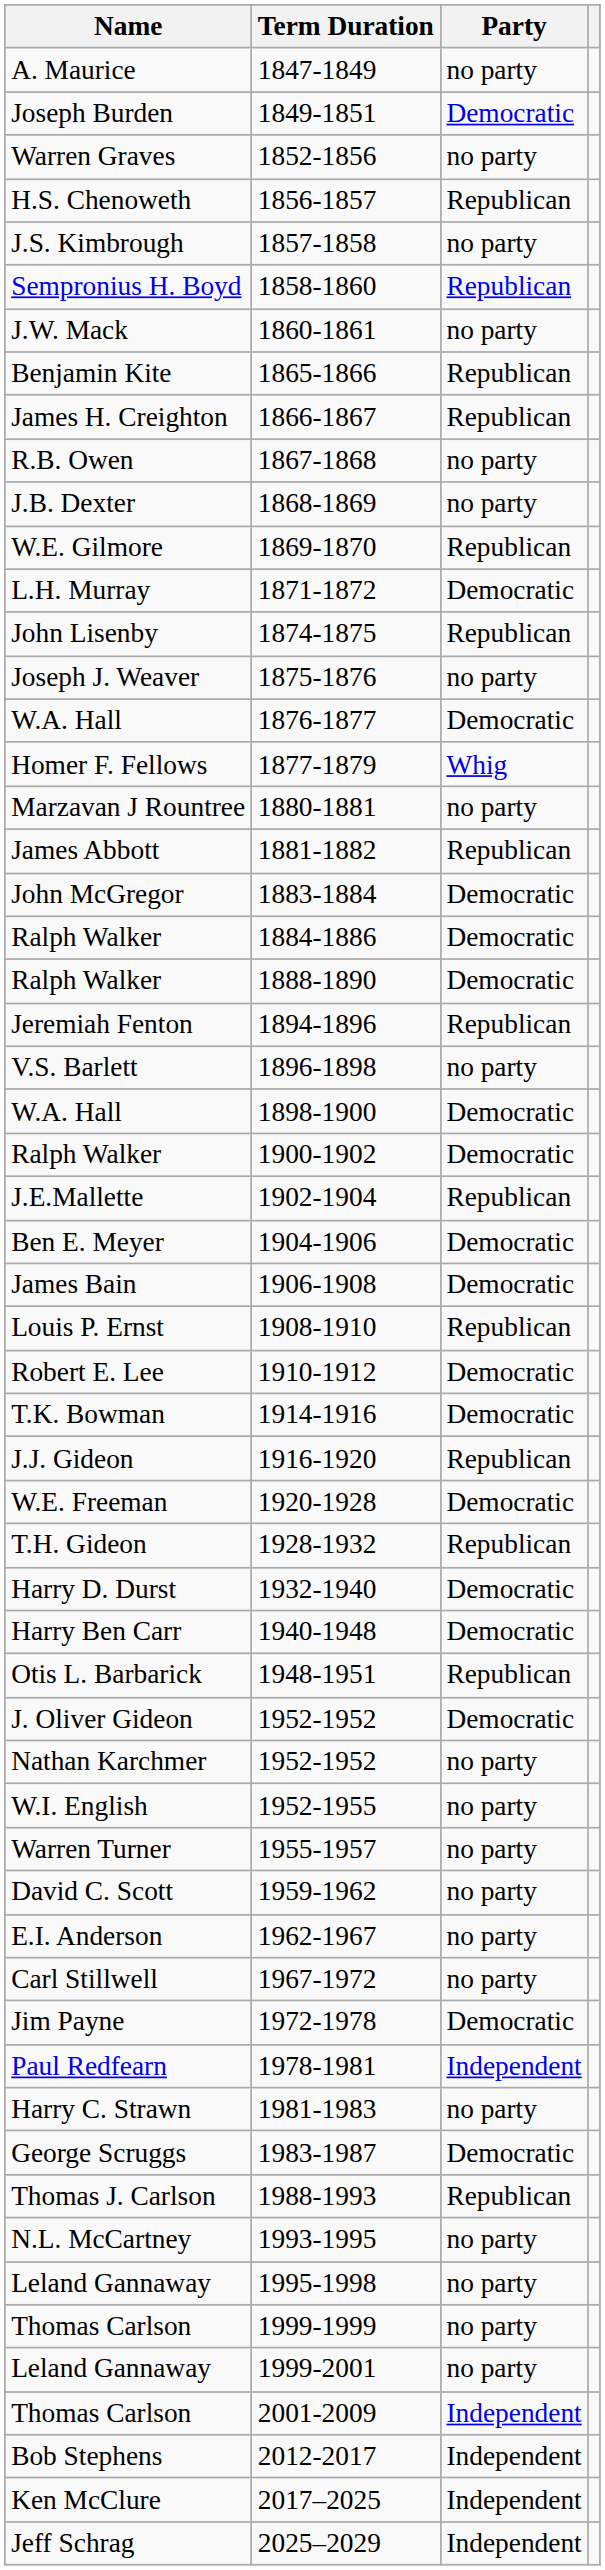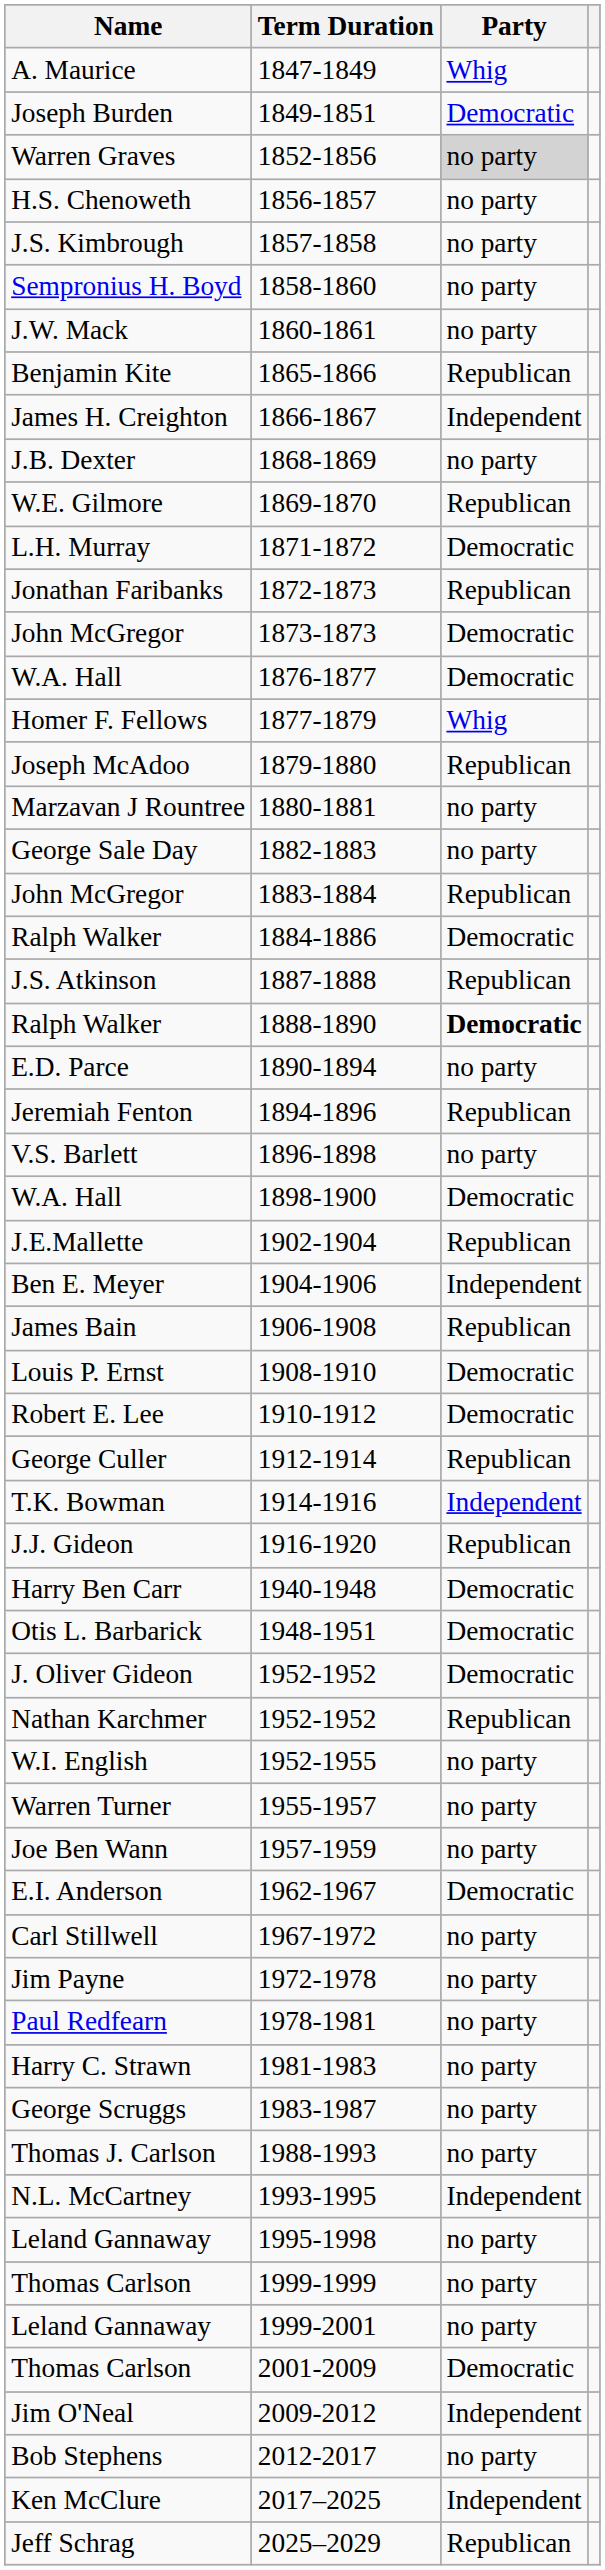 <table class="wikitable">
 <tr>
 <th>Name</th>
 <th>Term Duration</th>
 <th>Party</th>
 <th></th>
 </tr>
 <tr>
 <td>A. Maurice</td>
 <td>1847-1849</td>
-<td>no party</td>
+<td><a href='#'>Whig</a></td>
 <td></td>
 </tr>
 <tr>
 <td>Joseph Burden</td>
 <td>1849-1851</td>
 <td><a href='#'>Democratic</a></td>
 <td bgcolor=></td>
 </tr>
 <tr>
 <td>Warren Graves</td>
 <td>1852-1856</td>
-<td>no party</td>
+<td style="background: lightgrey;">no party</td>
 <td></td>
 </tr>
 <tr>
 <td>H.S. Chenoweth</td>
 <td>1856-1857</td>
-<td>Republican</td>
+<td>no party</td>
 <td></td>
 </tr>
 <tr>
 <td>J.S. Kimbrough</td>
 <td>1857-1858</td>
 <td>no party</td>
 <td></td>
 </tr>
 <tr>
 <td><a href='#'>Sempronius H. Boyd</a></td>
 <td>1858-1860</td>
-<td><a href='#'>Republican</a></td>
+<td>no party</td>
 <td bgcolor=></td>
 </tr>
 <tr>
 <td>J.W. Mack</td>
 <td>1860-1861</td>
 <td>no party</td>
 <td></td>
 </tr>
 <tr>
 <td>Benjamin Kite</td>
 <td>1865-1866</td>
 <td>Republican</td>
 <td bgcolor=></td>
 </tr>
 <tr>
 <td>James H. Creighton</td>
 <td>1866-1867</td>
-<td>Republican</td>
+<td>Independent</td>
 <td bgcolor=></td>
-</tr>
-<tr>
-<td>R.B. Owen</td>
-<td>1867-1868</td>
-<td>no party</td>
-<td></td>
 </tr>
 <tr>
 <td>J.B. Dexter</td>
 <td>1868-1869</td>
 <td>no party</td>
 <td></td>
 </tr>
 <tr>
 <td>W.E. Gilmore</td>
 <td>1869-1870</td>
 <td>Republican</td>
 <td bgcolor=></td>
 </tr>
 <tr>
 <td>L.H. Murray</td>
 <td>1871-1872</td>
 <td>Democratic</td>
 <td bgcolor=></td>
 </tr>
 <tr>
-<td>John Lisenby</td>
-<td>1874-1875</td>
+<td>Jonathan Faribanks</td>
+<td>1872-1873</td>
 <td>Republican</td>
 <td bgcolor=></td>
 </tr>
 <tr>
-<td>Joseph J. Weaver</td>
-<td>1875-1876</td>
-<td>no party</td>
-<td></td>
+<td>John McGregor</td>
+<td>1873-1873</td>
+<td>Democratic</td>
+<td bgcolor=></td>
 </tr>
 <tr>
 <td>W.A. Hall</td>
 <td>1876-1877</td>
 <td>Democratic</td>
 <td bgcolor=></td>
 </tr>
 <tr>
 <td>Homer F. Fellows</td>
 <td>1877-1879</td>
 <td><a href='#'>Whig</a></td>
 <td bgcolor=></td>
 </tr>
 <tr>
+<td>Joseph McAdoo</td>
+<td>1879-1880</td>
+<td>Republican</td>
+<td bgcolor=></td>
+</tr>
+<tr>
 <td>Marzavan J Rountree</td>
 <td>1880-1881</td>
 <td>no party</td>
 <td bgcolor=></td>
 </tr>
 <tr>
-<td>James Abbott</td>
-<td>1881-1882</td>
-<td>Republican</td>
-<td bgcolor=></td>
+<td>George Sale Day</td>
+<td>1882-1883</td>
+<td>no party</td>
+<td></td>
 </tr>
 <tr>
 <td>John McGregor</td>
 <td>1883-1884</td>
-<td>Democratic</td>
+<td>Republican</td>
 <td bgcolor=></td>
 </tr>
 <tr>
 <td>Ralph Walker</td>
 <td>1884-1886</td>
 <td>Democratic</td>
 <td bgcolor=></td>
 </tr>
 <tr>
+<td>J.S. Atkinson</td>
+<td>1887-1888</td>
+<td>Republican</td>
+<td bgcolor=></td>
+</tr>
+<tr>
 <td>Ralph Walker</td>
 <td>1888-1890</td>
-<td>Democratic</td>
+<td><strong>Democratic</strong></td>
 <td bgcolor=></td>
+</tr>
+<tr>
+<td>E.D. Parce</td>
+<td>1890-1894</td>
+<td>no party</td>
+<td></td>
 </tr>
 <tr>
 <td>Jeremiah Fenton</td>
 <td>1894-1896</td>
 <td>Republican</td>
 <td bgcolor=></td>
 </tr>
 <tr>
 <td>V.S. Barlett</td>
 <td>1896-1898</td>
 <td>no party</td>
 <td></td>
 </tr>
 <tr>
 <td>W.A. Hall</td>
 <td>1898-1900</td>
 <td>Democratic</td>
 <td bgcolor=></td>
 </tr>
 <tr>
-<td>Ralph Walker</td>
-<td>1900-1902</td>
-<td>Democratic</td>
-<td bgcolor=></td>
-</tr>
-<tr>
 <td>J.E.Mallette</td>
 <td>1902-1904</td>
 <td>Republican</td>
 <td bgcolor=></td>
 </tr>
 <tr>
 <td>Ben E. Meyer</td>
 <td>1904-1906</td>
-<td>Democratic</td>
+<td>Independent</td>
 <td bgcolor=></td>
 </tr>
 <tr>
 <td>James Bain</td>
 <td>1906-1908</td>
-<td>Democratic</td>
+<td>Republican</td>
 <td bgcolor=></td>
 </tr>
 <tr>
 <td>Louis P. Ernst</td>
 <td>1908-1910</td>
-<td>Republican</td>
+<td>Democratic</td>
 <td bgcolor=></td>
 </tr>
 <tr>
 <td>Robert E. Lee</td>
 <td>1910-1912</td>
 <td>Democratic</td>
 <td bgcolor=></td>
 </tr>
 <tr>
+<td>George Culler</td>
+<td>1912-1914</td>
+<td>Republican</td>
+<td bgcolor=></td>
+</tr>
+<tr>
 <td>T.K. Bowman</td>
 <td>1914-1916</td>
-<td>Democratic</td>
+<td><a href='#'>Independent</a></td>
 <td bgcolor=></td>
 </tr>
 <tr>
 <td>J.J. Gideon</td>
 <td>1916-1920</td>
 <td>Republican</td>
-<td bgcolor=></td>
-</tr>
-<tr>
-<td>W.E. Freeman</td>
-<td>1920-1928</td>
-<td>Democratic</td>
-<td bgcolor=></td>
-</tr>
-<tr>
-<td>T.H. Gideon</td>
-<td>1928-1932</td>
-<td>Republican</td>
-<td bgcolor=></td>
-</tr>
-<tr>
-<td>Harry D. Durst</td>
-<td>1932-1940</td>
-<td>Democratic</td>
 <td bgcolor=></td>
 </tr>
 <tr>
 <td>Harry Ben Carr</td>
 <td>1940-1948</td>
 <td>Democratic</td>
 <td bgcolor=></td>
 </tr>
 <tr>
 <td>Otis L. Barbarick</td>
 <td>1948-1951</td>
-<td>Republican</td>
+<td>Democratic</td>
 <td bgcolor=></td>
 </tr>
 <tr>
 <td>J. Oliver Gideon</td>
 <td>1952-1952</td>
 <td>Democratic</td>
 <td></td>
 </tr>
 <tr>
 <td>Nathan Karchmer</td>
 <td>1952-1952</td>
-<td>no party</td>
+<td>Republican</td>
 <td></td>
 </tr>
 <tr>
 <td>W.I. English</td>
 <td>1952-1955</td>
 <td>no party</td>
 <td></td>
 </tr>
 <tr>
 <td>Warren Turner</td>
 <td>1955-1957</td>
 <td>no party</td>
 <td></td>
 </tr>
 <tr>
-<td>David C. Scott</td>
-<td>1959-1962</td>
+<td>Joe Ben Wann</td>
+<td>1957-1959</td>
 <td>no party</td>
 <td></td>
 </tr>
 <tr>
 <td>E.I. Anderson</td>
 <td>1962-1967</td>
-<td>no party</td>
+<td>Democratic</td>
 <td></td>
 </tr>
 <tr>
 <td>Carl Stillwell</td>
 <td>1967-1972</td>
 <td>no party</td>
 <td></td>
 </tr>
 <tr>
 <td>Jim Payne</td>
 <td>1972-1978</td>
-<td>Democratic</td>
+<td>no party</td>
 <td></td>
 </tr>
 <tr>
 <td><a href='#'>Paul Redfearn</a></td>
 <td>1978-1981</td>
-<td><a href='#'>Independent</a></td>
+<td>no party</td>
 <td></td>
 </tr>
 <tr>
 <td>Harry C. Strawn</td>
 <td>1981-1983</td>
 <td>no party</td>
 <td></td>
 </tr>
 <tr>
 <td>George Scruggs</td>
 <td>1983-1987</td>
-<td>Democratic</td>
+<td>no party</td>
 <td></td>
 </tr>
 <tr>
 <td>Thomas J. Carlson</td>
 <td>1988-1993</td>
-<td>Republican</td>
+<td>no party</td>
 <td></td>
 </tr>
 <tr>
 <td>N.L. McCartney</td>
 <td>1993-1995</td>
-<td>no party</td>
+<td>Independent</td>
 <td></td>
 </tr>
 <tr>
 <td>Leland Gannaway</td>
 <td>1995-1998</td>
 <td>no party</td>
 <td></td>
 </tr>
 <tr>
 <td>Thomas Carlson</td>
 <td>1999-1999</td>
 <td>no party</td>
 <td></td>
 </tr>
 <tr>
 <td>Leland Gannaway</td>
 <td>1999-2001</td>
 <td>no party</td>
 <td></td>
 </tr>
 <tr>
 <td>Thomas Carlson</td>
 <td>2001-2009</td>
-<td><a href='#'>Independent</a></td>
+<td>Democratic</td>
+<td bgcolor=></td>
+</tr>
+<tr>
+<td>Jim O'Neal</td>
+<td>2009-2012</td>
+<td>Independent</td>
 <td bgcolor=></td>
 </tr>
 <tr>
 <td>Bob Stephens</td>
 <td>2012-2017</td>
-<td>Independent</td>
+<td>no party</td>
 <td></td>
 </tr>
 <tr>
 <td>Ken McClure</td>
 <td>2017–2025</td>
 <td>Independent</td>
 <td bgcolor=></td>
 </tr>
 <tr>
 <td>Jeff Schrag</td>
 <td>2025–2029</td>
-<td>Independent</td>
+<td>Republican</td>
 <td bgcolor=></td>
 </tr>
 </table>
